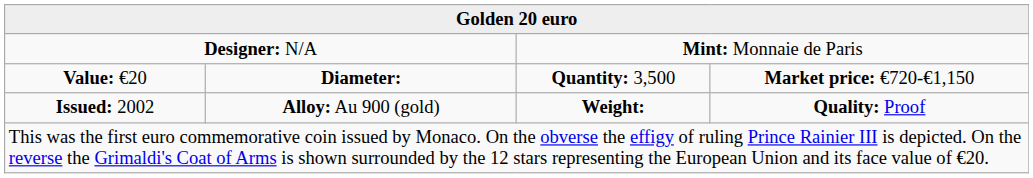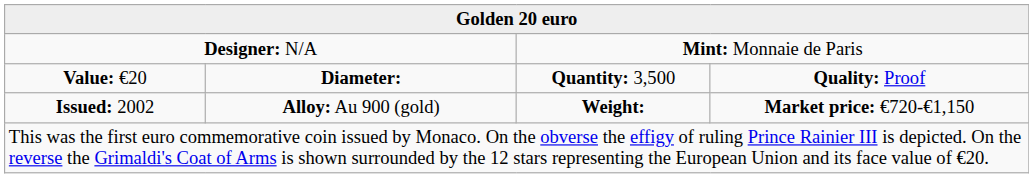 <table class="wikitable" width="100%">
 <tr>
 <th colspan="4" align=center style="background:#eeeeee;">Golden 20 euro</th>
 </tr>
 <tr>
 <td colspan="2" width="50%" align=center><strong>Designer:</strong> N/A</td>
 <td colspan="2" width="50%" align=center><strong>Mint:</strong> Monnaie de Paris</td>
 </tr>
 <tr>
 <td align=center><strong>Value:</strong> €20</td>
 <td align=center><strong>Diameter:</strong> </td>
 <td align=center><strong>Quantity:</strong> 3,500</td>
-<td align=center><strong>Market price:</strong> €720-€1,150</td>
+<td align=center><strong>Quality:</strong> <a href='#'>Proof</a></td>
 </tr>
 <tr>
 <td align=center><strong>Issued:</strong> 2002</td>
 <td align=center><strong>Alloy:</strong> Au 900 (gold)</td>
 <td align=center><strong>Weight:</strong> </td>
-<td align=center><strong>Quality:</strong> <a href='#'>Proof</a></td>
+<td align=center><strong>Market price:</strong> €720-€1,150</td>
 </tr>
 <tr>
 <td colspan="5" align=left>This was the first euro commemorative coin issued by Monaco.  On the <a href='#'>obverse</a> the <a href='#'>effigy</a> of ruling <a href='#'>Prince Rainier III</a> is depicted.  On the <a href='#'>reverse</a> the <a href='#'>Grimaldi's Coat of Arms</a> is shown surrounded by the 12 stars representing the European Union and its face value of €20.</td>
 </tr>
 </table>
